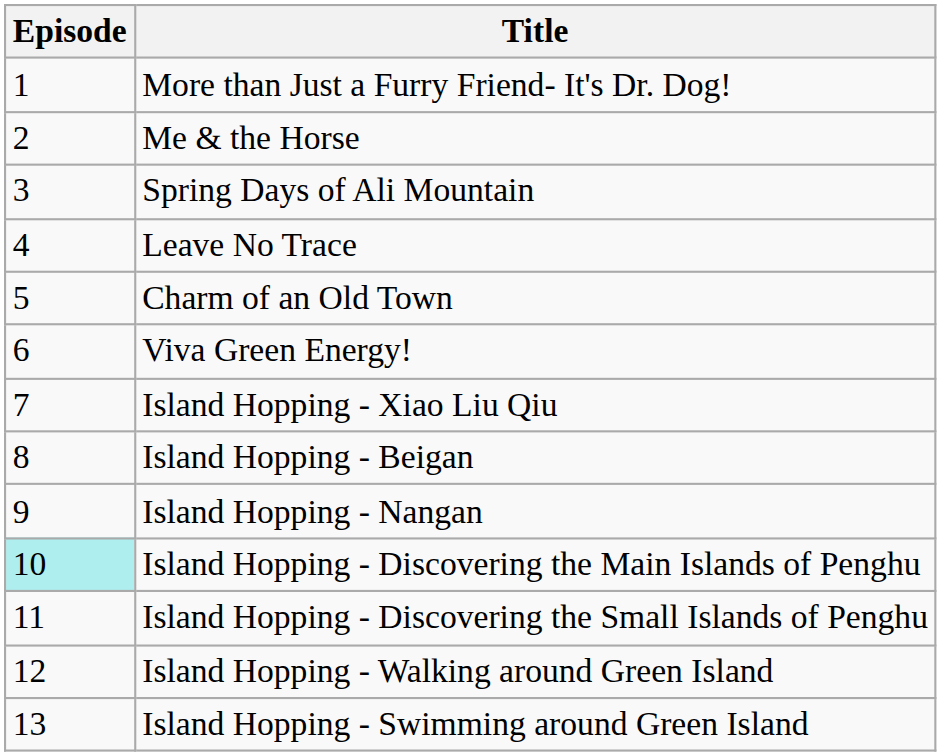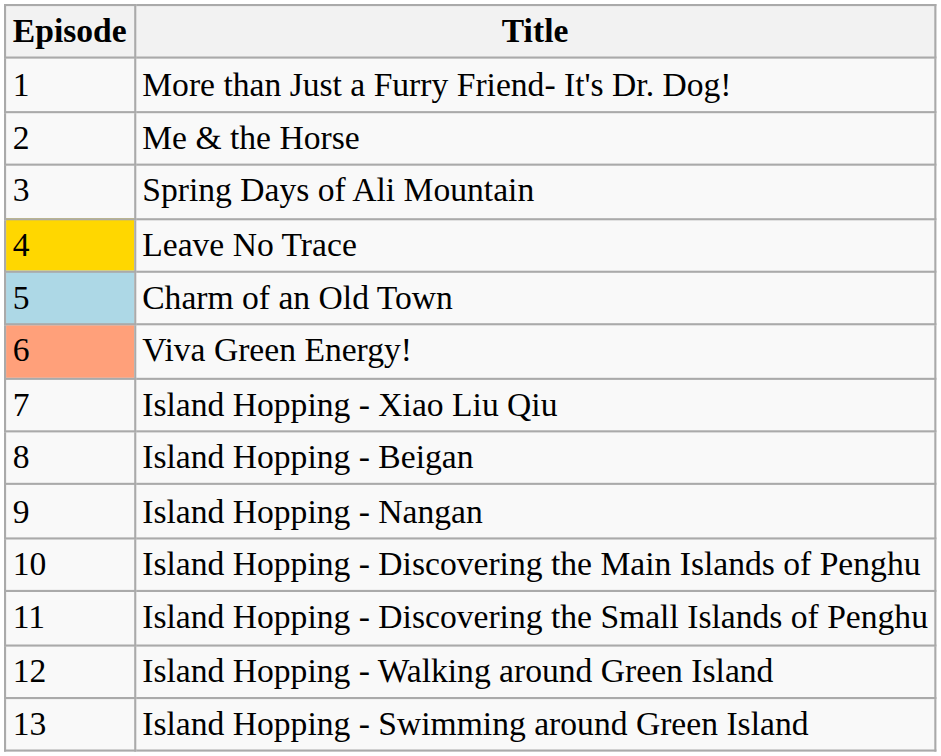 <table class="wikitable">
 <tr>
 <th>Episode</th>
 <th>Title</th>
 </tr>
 <tr>
 <td>1</td>
 <td>More than Just a Furry Friend- It's Dr. Dog!</td>
 </tr>
 <tr>
 <td>2</td>
 <td>Me & the  Horse</td>
 </tr>
 <tr>
 <td>3</td>
 <td>Spring Days of  Ali Mountain</td>
 </tr>
 <tr>
-<td>4</td>
+<td style="background: gold;">4</td>
 <td>Leave No Trace</td>
 </tr>
 <tr>
-<td>5</td>
+<td style="background: lightblue;">5</td>
 <td>Charm of an  Old Town</td>
 </tr>
 <tr>
-<td>6</td>
+<td style="background: lightsalmon;">6</td>
 <td>Viva Green Energy!</td>
 </tr>
 <tr>
 <td>7</td>
 <td>Island Hopping - Xiao Liu Qiu</td>
 </tr>
 <tr>
 <td>8</td>
 <td>Island Hopping - Beigan</td>
 </tr>
 <tr>
 <td>9</td>
 <td>Island Hopping - Nangan</td>
 </tr>
 <tr>
-<td style="background: paleturquoise;">10</td>
+<td>10</td>
 <td>Island Hopping - Discovering the Main Islands of Penghu</td>
 </tr>
 <tr>
 <td>11</td>
 <td>Island Hopping - Discovering the Small Islands of Penghu</td>
 </tr>
 <tr>
 <td>12</td>
 <td>Island Hopping - Walking around Green Island</td>
 </tr>
 <tr>
 <td>13</td>
 <td>Island Hopping - Swimming around Green Island</td>
 </tr>
 </table>
